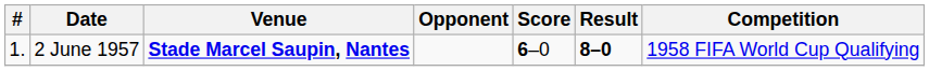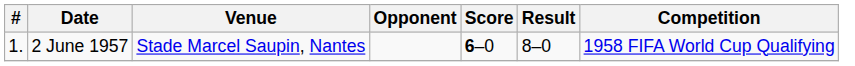 <table class="wikitable">
 <tr>
 <th>#</th>
 <th>Date</th>
 <th>Venue</th>
 <th>Opponent</th>
 <th>Score</th>
 <th>Result</th>
 <th>Competition</th>
 </tr>
 <tr>
 <td>1.</td>
 <td>2 June 1957</td>
-<td><strong><a href='#'>Stade Marcel Saupin</a>, <a href='#'>Nantes</a></strong></td>
+<td><a href='#'>Stade Marcel Saupin</a>, <a href='#'>Nantes</a></td>
 <td></td>
 <td><strong>6</strong>–0</td>
-<td><strong>8–0</strong></td>
+<td>8–0</td>
 <td><a href='#'>1958 FIFA World Cup Qualifying</a></td>
 </tr>
 <tr>
 </tr>
 </table>
